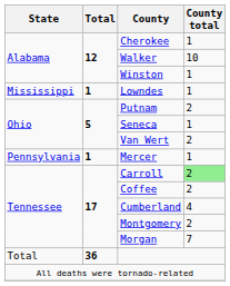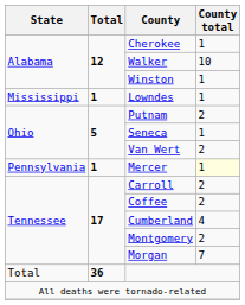 <table class="wikitable" style="margin:0 0 0.5em 1em;float:right;">
 <tr>
 <th><strong>State</strong></th>
 <th><strong>Total</strong></th>
 <th><strong>County</strong></th>
 <th><strong>County<br>total</strong></th>
 </tr>
 <tr>
 <td rowspan=3><a href='#'>Alabama</a></td>
 <td rowspan=3><strong>12</strong></td>
 <td><a href='#'>Cherokee</a></td>
 <td>1</td>
 </tr>
 <tr>
 <td><a href='#'>Walker</a></td>
 <td>10</td>
 </tr>
 <tr>
 <td><a href='#'>Winston</a></td>
 <td>1</td>
 </tr>
 <tr>
 <td rowspan=1><a href='#'>Mississippi</a></td>
 <td rowspan=1><strong>1</strong></td>
 <td><a href='#'>Lowndes</a></td>
 <td>1</td>
 </tr>
 <tr>
 <td rowspan=3><a href='#'>Ohio</a></td>
 <td rowspan=3><strong>5</strong></td>
 <td><a href='#'>Putnam</a></td>
 <td>2</td>
 </tr>
 <tr>
 <td><a href='#'>Seneca</a></td>
 <td>1</td>
 </tr>
 <tr>
 <td><a href='#'>Van Wert</a></td>
 <td>2</td>
 </tr>
 <tr>
 <td rowspan=1><a href='#'>Pennsylvania</a></td>
 <td rowspan=1><strong>1</strong></td>
 <td><a href='#'>Mercer</a></td>
-<td>1</td>
+<td style="background: lightyellow;">1</td>
 </tr>
 <tr>
 <td rowspan=5><a href='#'>Tennessee</a></td>
 <td rowspan=5><strong>17</strong></td>
 <td><a href='#'>Carroll</a></td>
-<td style="background: lightgreen;">2</td>
+<td>2</td>
 </tr>
 <tr>
 <td><a href='#'>Coffee</a></td>
 <td>2</td>
 </tr>
 <tr>
 <td><a href='#'>Cumberland</a></td>
 <td>4</td>
 </tr>
 <tr>
 <td><a href='#'>Montgomery</a></td>
 <td>2</td>
 </tr>
 <tr>
 <td><a href='#'>Morgan</a></td>
 <td>7</td>
 </tr>
 <tr>
 <td>Total</td>
 <td><strong>36</strong></td>
 <td colspan=2></td>
 </tr>
 <tr>
 <td colspan=4 align=center><small>All deaths were tornado-related</small></td>
 </tr>
 <tr>
 </tr>
 </table>
